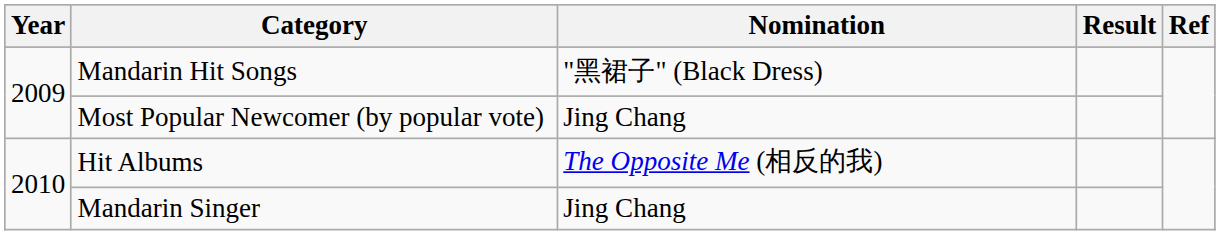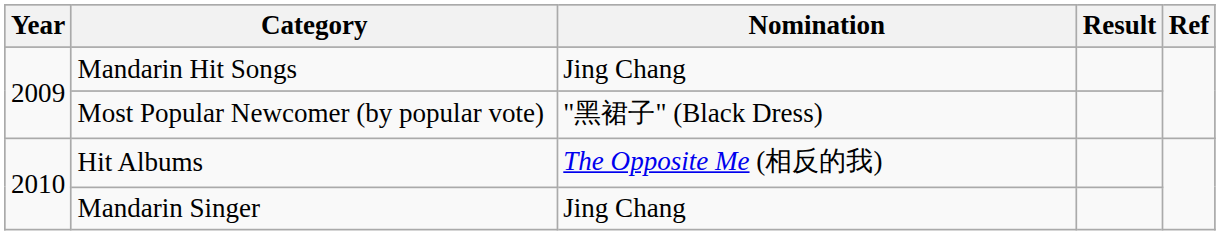 <table class="wikitable">
 <tr>
 <th>Year</th>
 <th width="280">Category</th>
 <th width="300">Nomination</th>
 <th>Result</th>
 <th>Ref</th>
 </tr>
 <tr>
 <td rowspan="2">2009</td>
 <td>Mandarin Hit Songs</td>
-<td>"黑裙子" (Black Dress)</td>
+<td>Jing Chang</td>
 <td></td>
 <td rowspan="2" align="center"></td>
 </tr>
 <tr>
 <td>Most Popular Newcomer (by popular vote)</td>
-<td>Jing Chang</td>
+<td>"黑裙子" (Black Dress)</td>
 <td></td>
 </tr>
 <tr>
 <td rowspan="2">2010</td>
 <td>Hit Albums</td>
 <td><em><a href='#'>The Opposite Me</a></em> (相反的我)</td>
 <td></td>
 <td rowspan="2" align="center"></td>
 </tr>
 <tr>
 <td>Mandarin Singer</td>
 <td>Jing Chang</td>
 <td></td>
 </tr>
 </table>
